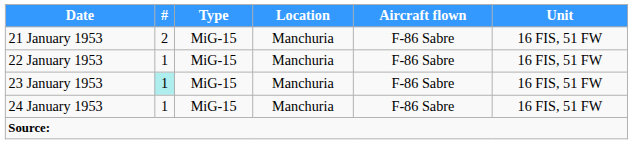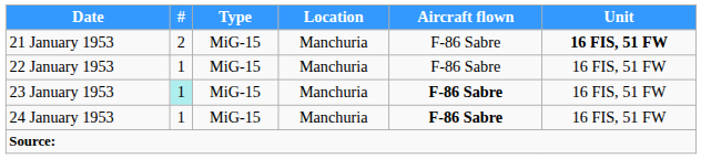 <table class="wikitable" style="margin:auto; width:700px;">
 <tr style="color:white;">
 <th style="background:#39f;">Date</th>
 <th style="background:#39f;">#</th>
 <th style="background:#39f;">Type</th>
 <th style="background:#39f;">Location</th>
 <th style="background:#39f;">Aircraft flown</th>
 <th style="background:#39f;">Unit</th>
 </tr>
 <tr>
 <td>21 January 1953</td>
 <td align=center>2</td>
 <td align=center>MiG-15</td>
 <td align=center>Manchuria</td>
 <td align=center>F-86 Sabre</td>
-<td align=center>16 FIS, 51 FW</td>
+<td align=center><strong>16 FIS, 51 FW</strong></td>
 </tr>
 <tr>
 <td>22 January 1953</td>
 <td align=center>1</td>
 <td align=center>MiG-15</td>
 <td align=center>Manchuria</td>
 <td align=center>F-86 Sabre</td>
 <td align=center>16 FIS, 51 FW</td>
 </tr>
 <tr>
 <td>23 January 1953</td>
 <td align=center style="background: paleturquoise;">1</td>
 <td align=center>MiG-15</td>
 <td align=center>Manchuria</td>
-<td align=center>F-86 Sabre</td>
+<td align=center><strong>F-86 Sabre</strong></td>
 <td align=center>16 FIS, 51 FW</td>
 </tr>
 <tr>
 <td>24 January 1953</td>
 <td align=center>1</td>
 <td align=center>MiG-15</td>
 <td align=center>Manchuria</td>
-<td align=center>F-86 Sabre</td>
+<td align=center><strong>F-86 Sabre</strong></td>
 <td align=center>16 FIS, 51 FW</td>
 </tr>
 <tr>
 <td colspan="6" style="font-size:90%;"><strong>Source:</strong></td>
 </tr>
 </table>
